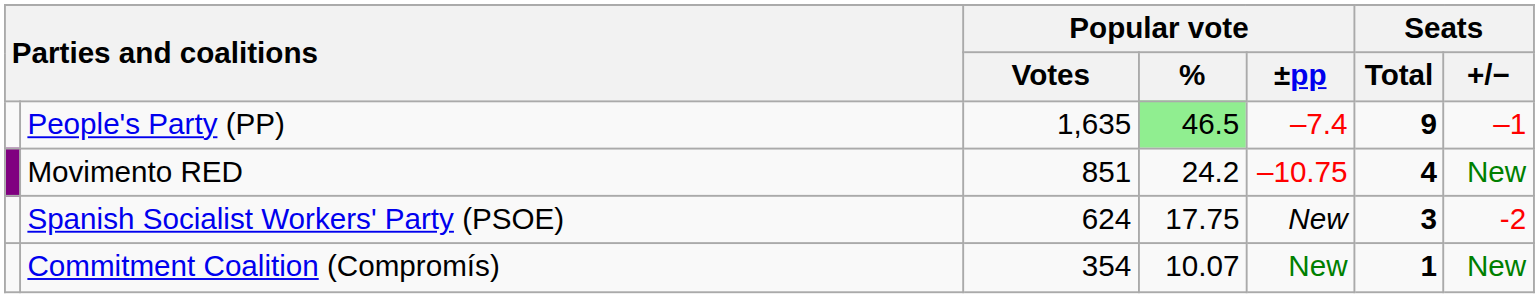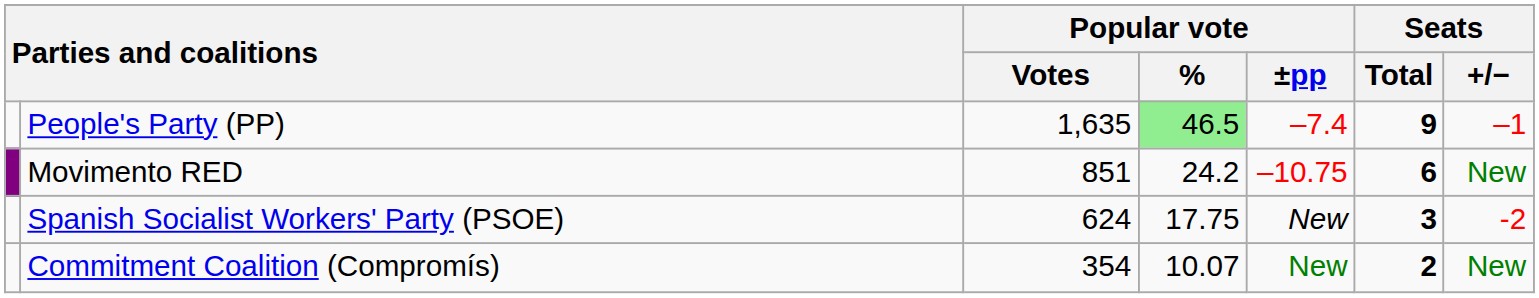 <table class="wikitable" style="text-align:right; font-size:98%; margin-bottom:0">
 <tr>
 </tr>
 <tr>
 <th style="text-align:left;" rowspan="2" colspan="2" width="500">Parties and coalitions</th>
 <th colspan="3">Popular vote</th>
 <th colspan="2">Seats</th>
 </tr>
 <tr>
 <th width="85">Votes</th>
 <th width="50">%</th>
 <th width="50">±<a href='#'>pp</a></th>
 <th width="40">Total</th>
 <th width="40">+/−</th>
 </tr>
 <tr>
 <td width="1" style="color:inherit;background:"></td>
 <td align="left"><a href='#'>People's Party</a> (PP)</td>
 <td>1,635</td>
 <td style="background: lightgreen;">46.5</td>
 <td style="color:red;">–7.4</td>
 <td><strong>9</strong></td>
 <td style="color:red;">–1</td>
 </tr>
 <tr>
 <td style="color:inherit;background:#800080"></td>
 <td align="left">Movimento RED</td>
 <td>851</td>
 <td>24.2</td>
 <td style="color:red;">–10.75</td>
-<td><strong>4</strong></td>
+<td><strong>6</strong></td>
 <td style="color:green;">New</td>
 </tr>
 <tr>
 <td style="color:inherit;background:"></td>
 <td align="left"><a href='#'>Spanish Socialist Workers' Party</a> (PSOE)</td>
 <td>624</td>
 <td>17.75</td>
 <td><em>New</em></td>
 <td><strong>3</strong></td>
 <td style="color:red;">-2</td>
 </tr>
 <tr>
 <td style="color:inherit;background:"></td>
 <td align="left"><a href='#'>Commitment Coalition</a> (Compromís)</td>
 <td>354</td>
 <td>10.07</td>
 <td style="color:green;">New</td>
-<td><strong>1</strong></td>
+<td><strong>2</strong></td>
 <td style="color:green;">New</td>
 </tr>
 </table>
